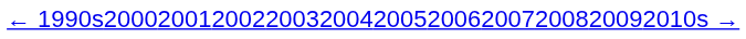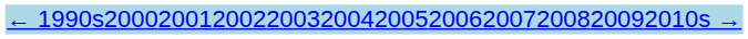 <table id="toc" class="toc" summary="Year">
 <tr>
 <th></th>
 </tr>
 <tr>
-<td style="text-align:center;"><a href='#'>← 1990s</a><a href='#'>2000</a><a href='#'>2001</a><a href='#'>2002</a><a href='#'>2003</a><a href='#'>2004</a><a href='#'>2005</a><a href='#'>2006</a><a href='#'>2007</a><a href='#'>2008</a><a href='#'>2009</a><a href='#'>2010s →</a></td>
+<td style="background: lightblue; text-align:center;"><a href='#'>← 1990s</a><a href='#'>2000</a><a href='#'>2001</a><a href='#'>2002</a><a href='#'>2003</a><a href='#'>2004</a><a href='#'>2005</a><a href='#'>2006</a><a href='#'>2007</a><a href='#'>2008</a><a href='#'>2009</a><a href='#'>2010s →</a></td>
 </tr>
 </table>
